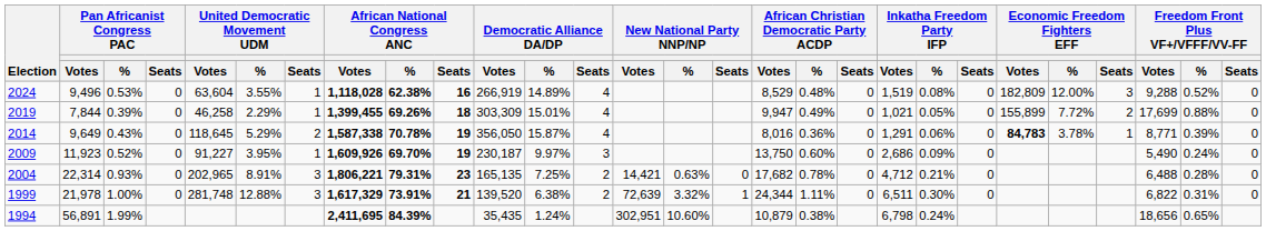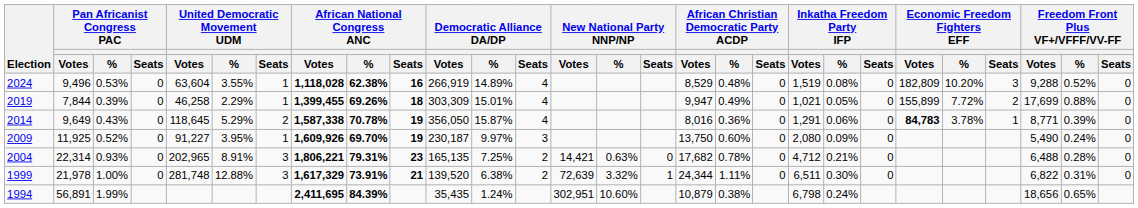 <table class="wikitable" border="1" style="font-size:80%; text-align:right;">
 <tr>
 <th style="text-align:left;" valign=bottom rowspan=3>Election</th>
 <th valign=bottom colspan=3><a href='#'>Pan Africanist<br>Congress</a><br>PAC</th>
 <th valign=bottom colspan=3><a href='#'>United Democratic<br>Movement</a><br>UDM</th>
 <th valign=bottom colspan=3><a href='#'>African National<br>Congress</a><br>ANC</th>
 <th valign=bottom colspan=3><a href='#'>Democratic Alliance</a><br>DA/DP</th>
 <th valign=bottom colspan=3><a href='#'>New National Party</a><br>NNP/NP</th>
 <th valign=bottom colspan=3><a href='#'>African Christian<br>Democratic Party</a><br>ACDP</th>
 <th valign=bottom colspan=3><a href='#'>Inkatha Freedom<br>Party</a><br>IFP</th>
 <th valign=bottom colspan=3><a href='#'>Economic Freedom<br>Fighters</a><br>EFF</th>
 <th valign=bottom colspan=3><a href='#'>Freedom Front<br>Plus</a><br>VF+/VFFF/VV-FF</th>
 </tr>
 <tr>
 <th colspan=3 style="background:"></th>
 <th colspan=3 style="background:"></th>
 <th colspan=3 style="background:"></th>
 <th colspan=3 style="background:"></th>
 <th colspan=3 style="background:"></th>
 <th colspan=3 style="background:"></th>
 <th colspan=3 style="background:"></th>
 <th colspan=3 style="background:"></th>
 <th colspan=3 style="background:"></th>
 </tr>
 <tr>
 <th>Votes</th>
 <th>%</th>
 <th>Seats</th>
 <th>Votes</th>
 <th>%</th>
 <th>Seats</th>
 <th>Votes</th>
 <th>%</th>
 <th>Seats</th>
 <th>Votes</th>
 <th>%</th>
 <th>Seats</th>
 <th>Votes</th>
 <th>%</th>
 <th>Seats</th>
 <th>Votes</th>
 <th>%</th>
 <th>Seats</th>
 <th>Votes</th>
 <th>%</th>
 <th>Seats</th>
 <th>Votes</th>
 <th>%</th>
 <th>Seats</th>
 <th>Votes</th>
 <th>%</th>
 <th>Seats</th>
 </tr>
 <tr>
 <td align=left><a href='#'>2024</a></td>
 <td>9,496</td>
 <td>0.53%</td>
 <td>0</td>
 <td>63,604</td>
 <td>3.55%</td>
 <td>1</td>
 <td><strong>1,118,028</strong></td>
 <td><strong>62.38%</strong></td>
 <td><strong>16</strong></td>
 <td>266,919</td>
 <td>14.89%</td>
 <td>4</td>
 <td></td>
 <td></td>
 <td></td>
 <td>8,529</td>
 <td>0.48%</td>
 <td>0</td>
 <td>1,519</td>
 <td>0.08%</td>
 <td>0</td>
 <td>182,809</td>
-<td>12.00%</td>
+<td>10.20%</td>
 <td>3</td>
 <td>9,288</td>
 <td>0.52%</td>
 <td>0</td>
 </tr>
 <tr>
 <td align=left><a href='#'>2019</a></td>
 <td>7,844</td>
 <td>0.39%</td>
 <td>0</td>
 <td>46,258</td>
 <td>2.29%</td>
 <td>1</td>
 <td><strong>1,399,455</strong></td>
 <td><strong>69.26%</strong></td>
 <td><strong>18</strong></td>
 <td>303,309</td>
 <td>15.01%</td>
 <td>4</td>
 <td></td>
 <td></td>
 <td></td>
 <td>9,947</td>
 <td>0.49%</td>
 <td>0</td>
 <td>1,021</td>
 <td>0.05%</td>
 <td>0</td>
 <td>155,899</td>
 <td>7.72%</td>
 <td>2</td>
 <td>17,699</td>
 <td>0.88%</td>
 <td>0</td>
 </tr>
 <tr>
 <td align=left><a href='#'>2014</a></td>
 <td>9,649</td>
 <td>0.43%</td>
 <td>0</td>
 <td>118,645</td>
 <td>5.29%</td>
 <td>2</td>
 <td><strong>1,587,338</strong></td>
 <td><strong>70.78%</strong></td>
 <td><strong>19</strong></td>
 <td>356,050</td>
 <td>15.87%</td>
 <td>4</td>
 <td></td>
 <td></td>
 <td></td>
 <td>8,016</td>
 <td>0.36%</td>
 <td>0</td>
 <td>1,291</td>
 <td>0.06%</td>
 <td>0</td>
 <td><strong>84,783</strong></td>
 <td>3.78%</td>
 <td>1</td>
 <td>8,771</td>
 <td>0.39%</td>
 <td>0</td>
 </tr>
 <tr>
 <td align=left><a href='#'>2009</a></td>
-<td>11,923</td>
+<td>11,925</td>
 <td>0.52%</td>
 <td>0</td>
 <td>91,227</td>
 <td>3.95%</td>
 <td>1</td>
 <td><strong>1,609,926</strong></td>
 <td><strong>69.70%</strong></td>
 <td><strong>19</strong></td>
 <td>230,187</td>
 <td>9.97%</td>
 <td>3</td>
 <td></td>
 <td></td>
 <td></td>
 <td>13,750</td>
 <td>0.60%</td>
 <td>0</td>
-<td>2,686</td>
+<td>2,080</td>
 <td>0.09%</td>
 <td>0</td>
 <td></td>
 <td></td>
 <td></td>
 <td>5,490</td>
 <td>0.24%</td>
 <td>0</td>
 </tr>
 <tr>
 <td align=left><a href='#'>2004</a></td>
 <td>22,314</td>
 <td>0.93%</td>
 <td>0</td>
 <td>202,965</td>
 <td>8.91%</td>
 <td>3</td>
 <td><strong>1,806,221</strong></td>
 <td><strong>79.31%</strong></td>
 <td><strong>23</strong></td>
 <td>165,135</td>
 <td>7.25%</td>
 <td>2</td>
 <td>14,421</td>
 <td>0.63%</td>
 <td>0</td>
 <td>17,682</td>
 <td>0.78%</td>
 <td>0</td>
 <td>4,712</td>
 <td>0.21%</td>
 <td>0</td>
 <td></td>
 <td></td>
 <td></td>
 <td>6,488</td>
 <td>0.28%</td>
 <td>0</td>
 </tr>
 <tr>
 <td align=left><a href='#'>1999</a></td>
 <td>21,978</td>
 <td>1.00%</td>
 <td>0</td>
 <td>281,748</td>
 <td>12.88%</td>
 <td>3</td>
 <td><strong>1,617,329</strong></td>
 <td><strong>73.91%</strong></td>
 <td><strong>21</strong></td>
 <td>139,520</td>
 <td>6.38%</td>
 <td>2</td>
 <td>72,639</td>
 <td>3.32%</td>
 <td>1</td>
 <td>24,344</td>
 <td>1.11%</td>
 <td>0</td>
 <td>6,511</td>
 <td>0.30%</td>
 <td>0</td>
 <td></td>
 <td></td>
 <td></td>
 <td>6,822</td>
 <td>0.31%</td>
 <td>0</td>
 </tr>
 <tr>
 <td align=left><a href='#'>1994</a></td>
 <td>56,891</td>
 <td>1.99%</td>
 <td></td>
 <td></td>
 <td></td>
 <td></td>
 <td><strong>2,411,695</strong></td>
 <td><strong>84.39%</strong></td>
 <td></td>
 <td>35,435</td>
 <td>1.24%</td>
 <td></td>
 <td>302,951</td>
 <td>10.60%</td>
 <td></td>
 <td>10,879</td>
 <td>0.38%</td>
 <td></td>
 <td>6,798</td>
 <td>0.24%</td>
 <td></td>
 <td></td>
 <td></td>
 <td></td>
 <td>18,656</td>
 <td>0.65%</td>
 <td></td>
 </tr>
 </table>
